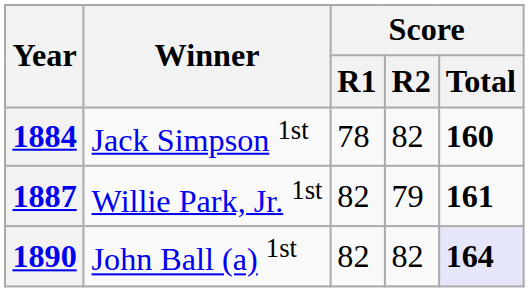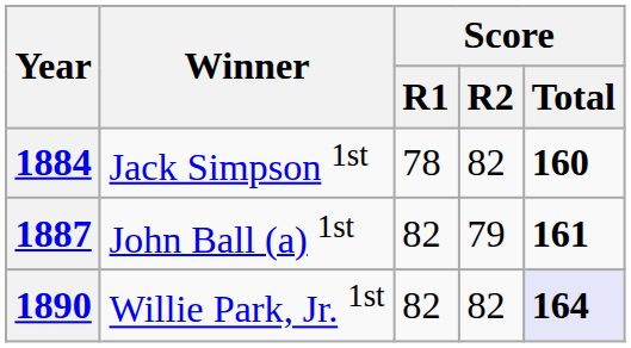 <table class="wikitable">
 <tr>
 <th rowspan=2>Year</th>
 <th rowspan=2>Winner</th>
 <th colspan=5>Score</th>
 </tr>
 <tr>
 <th>R1</th>
 <th>R2</th>
 <th>Total</th>
 </tr>
 <tr>
 <th><a href='#'>1884</a></th>
 <td> <a href='#'>Jack Simpson</a> <sup>1st</sup></td>
 <td>78</td>
 <td>82</td>
 <td><strong>160</strong></td>
 </tr>
 <tr>
 <th><a href='#'>1887</a></th>
-<td> <a href='#'>Willie Park, Jr.</a> <sup>1st</sup></td>
+<td> <a href='#'>John Ball (a)</a> <sup>1st</sup></td>
 <td>82</td>
 <td>79</td>
 <td><strong>161</strong></td>
 </tr>
 <tr>
 <th><a href='#'>1890</a></th>
-<td> <a href='#'>John Ball (a)</a> <sup>1st</sup></td>
+<td> <a href='#'>Willie Park, Jr.</a> <sup>1st</sup></td>
 <td>82</td>
 <td>82</td>
 <td style="background: lavender;"><strong>164</strong></td>
 </tr>
 </table>
